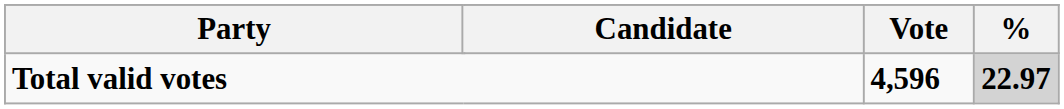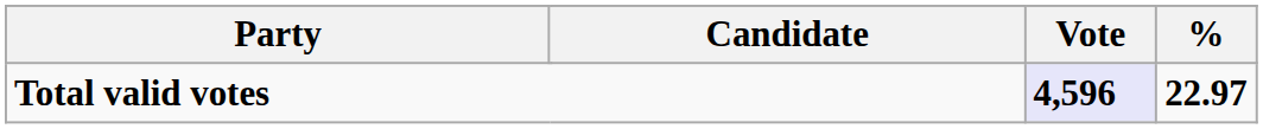 <table class="wikitable">
 <tr>
 <th bgcolor="#DDDDFF" width="230px" colspan="2">Party</th>
 <th bgcolor="#DDDDFF" width="200px">Candidate</th>
 <th bgcolor="#DDDDFF" width="50px">Vote</th>
 <th bgcolor="#DDDDFF" width="30px">%<br>  </th>
 </tr>
 <tr>
 <td colspan="3"><strong>Total valid votes</strong></td>
-<td><strong>4,596</strong></td>
-<td style="background: lightgrey;"><strong>22.97</strong></td>
+<td style="background: lavender;"><strong>4,596</strong></td>
+<td><strong>22.97</strong></td>
 </tr>
 </table>
